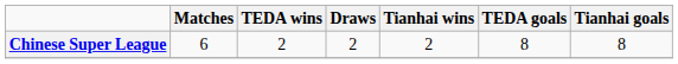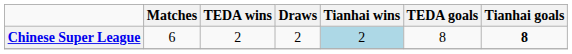 <table class="wikitable" style="text-align: center;">
 <tr>
 <td></td>
 <th>Matches</th>
 <th>TEDA wins</th>
 <th>Draws</th>
 <th>Tianhai wins</th>
 <th>TEDA goals</th>
 <th>Tianhai goals</th>
 </tr>
 <tr>
 <th><a href='#'>Chinese Super League</a></th>
 <td>6</td>
 <td>2</td>
 <td>2</td>
-<td>2</td>
+<td style="background: lightblue;">2</td>
 <td>8</td>
-<td>8</td>
+<td><strong>8</strong></td>
 </tr>
 <tr>
 </tr>
 </table>
